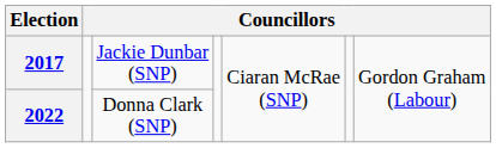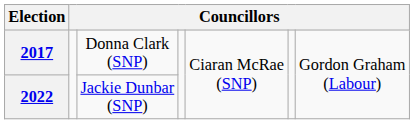 <table class="wikitable" style="text-align:center">
 <tr>
 <th>Election</th>
 <th colspan=8>Councillors</th>
 </tr>
 <tr>
 <th><a href='#'>2017</a></th>
 <td rowspan=2; style="background-color: "></td>
-<td rowspan=1><a href='#'>Jackie Dunbar</a><br>(<a href='#'>SNP</a>)</td>
+<td rowspan=1>Donna Clark<br>(<a href='#'>SNP</a>)</td>
 <td rowspan=2; style="background-color: "></td>
 <td rowspan=2>Ciaran McRae<br>(<a href='#'>SNP</a>)</td>
 <td rowspan=2; style="background-color: "></td>
 <td rowspan=2>Gordon Graham<br>(<a href='#'>Labour</a>)</td>
 </tr>
 <tr>
 <th><a href='#'>2022</a></th>
-<td rowspan=1>Donna Clark<br>(<a href='#'>SNP</a>)</td>
+<td rowspan=1><a href='#'>Jackie Dunbar</a><br>(<a href='#'>SNP</a>)</td>
 </tr>
 </table>
